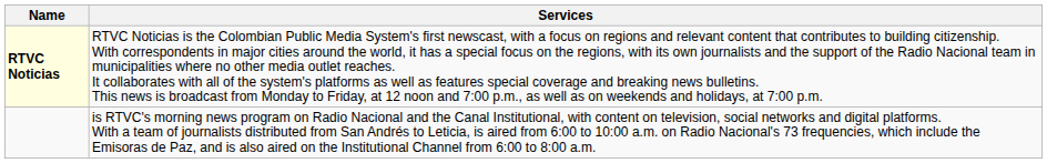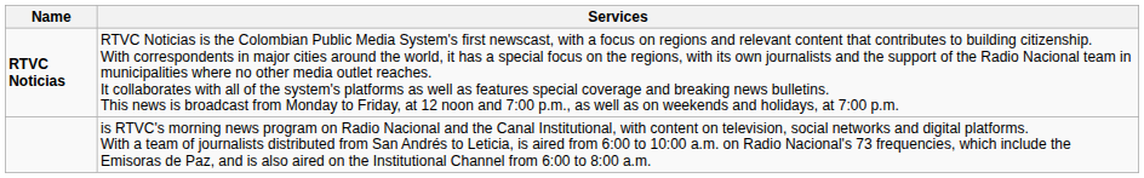 <table class="wikitable">
 <tr>
 <th>Name</th>
 <th>Services</th>
 </tr>
 <tr>
-<td style="background: lightyellow;"><strong>RTVC Noticias</strong></td>
+<td><strong>RTVC Noticias</strong></td>
 <td>RTVC Noticias is the Colombian Public Media System's first newscast, with a focus on regions and relevant content that contributes to building citizenship.<br>With correspondents in major cities around the world, it has a special focus on the regions, with its own journalists and the support of the Radio Nacional team in municipalities where no other media outlet reaches.<br>It collaborates with all of the system's platforms as well as features special coverage and breaking news bulletins.<br>This news is broadcast from Monday to Friday, at 12 noon and 7:00 p.m., as well as on weekends and holidays, at 7:00 p.m.</td>
 </tr>
 <tr>
 <td><strong></strong></td>
 <td> is RTVC's morning news program on Radio Nacional and the Canal Institutional, with content on television, social networks and digital platforms.<br>With a team of journalists distributed from San Andrés to Leticia,  is aired from 6:00 to 10:00 a.m. on Radio Nacional's 73 frequencies, which include the Emisoras de Paz, and is also aired on the Institutional Channel from 6:00 to 8:00 a.m.</td>
 </tr>
 </table>
